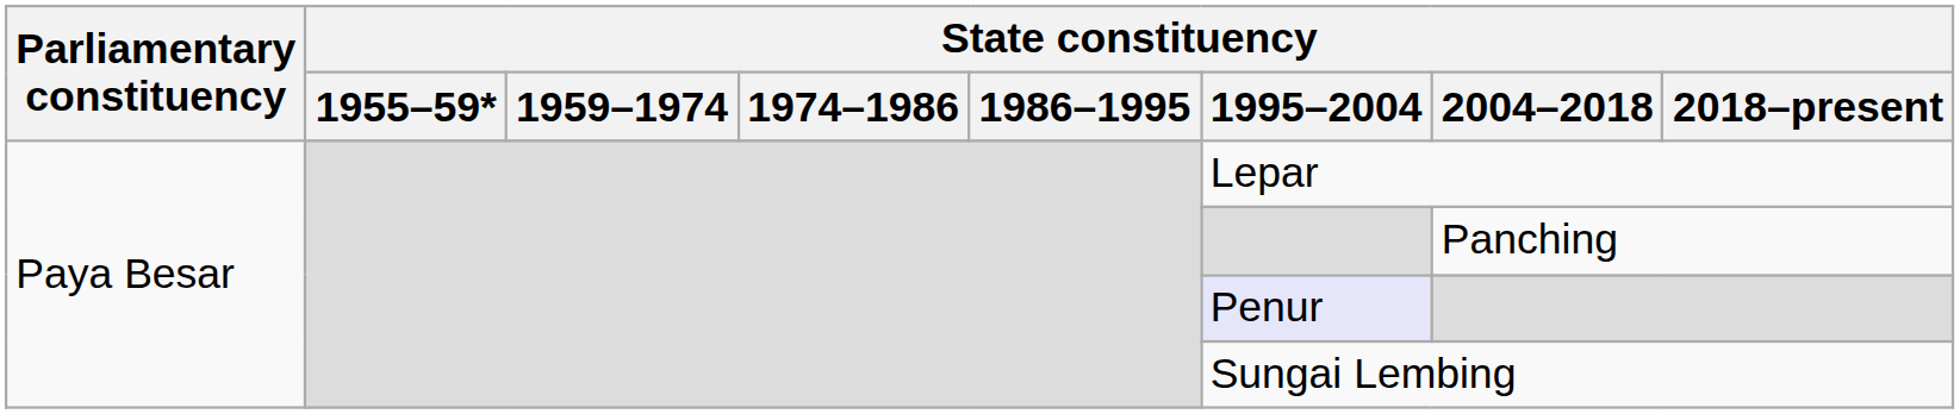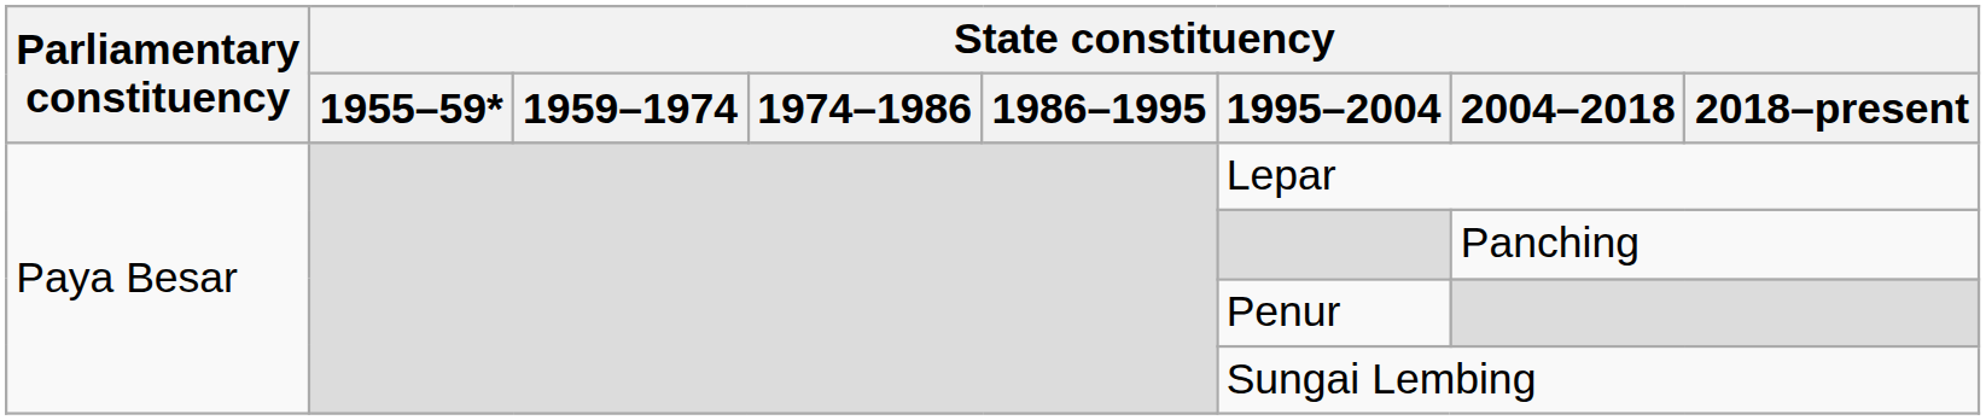 <table class="wikitable">
 <tr>
 <th rowspan="2">Parliamentary<br>constituency</th>
 <th colspan="7">State constituency</th>
 </tr>
 <tr>
 <th>1955–59*</th>
 <th>1959–1974</th>
 <th>1974–1986</th>
 <th>1986–1995</th>
 <th>1995–2004</th>
 <th>2004–2018</th>
 <th>2018–present</th>
 </tr>
 <tr>
 <td rowspan="4">Paya Besar</td>
 <td colspan="4" rowspan="4" bgcolor="dcdcdc"></td>
 <td colspan="3">Lepar</td>
 </tr>
 <tr>
 <td bgcolor="dcdcdc"></td>
 <td colspan="2">Panching</td>
 </tr>
 <tr>
-<td style="background: lavender;">Penur</td>
+<td>Penur</td>
 <td colspan="2" bgcolor="dcdcdc"></td>
 </tr>
 <tr>
 <td colspan=3>Sungai Lembing</td>
 </tr>
 </table>
